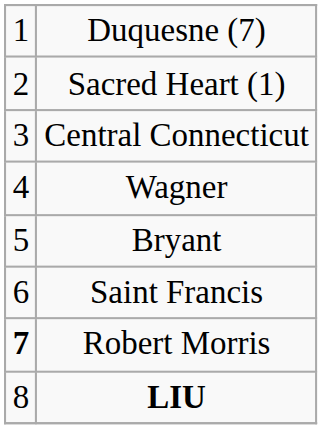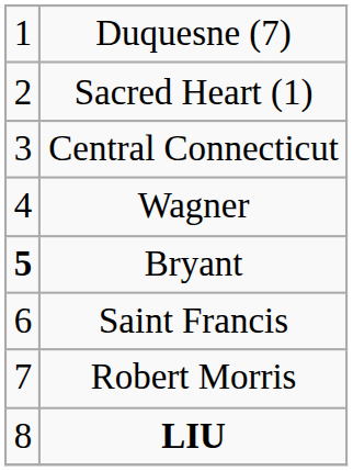 <table class="wikitable">
 <tr align="center">
 </tr>
 <tr align="center">
 <td>1</td>
 <td>Duquesne (7)</td>
 </tr>
 <tr align="center">
 <td>2</td>
 <td>Sacred Heart (1)</td>
 </tr>
 <tr align="center">
 <td>3</td>
 <td>Central Connecticut</td>
 </tr>
 <tr align="center">
 <td>4</td>
 <td>Wagner</td>
 </tr>
 <tr align="center">
-<td>5</td>
+<td><strong>5</strong></td>
 <td>Bryant</td>
 </tr>
 <tr align="center">
 <td>6</td>
 <td>Saint Francis</td>
 </tr>
 <tr align="center">
-<td><strong>7</strong></td>
+<td>7</td>
 <td>Robert Morris</td>
 </tr>
 <tr align="center">
 <td>8</td>
 <td><strong>LIU</strong></td>
 </tr>
 <tr>
 </tr>
 </table>
